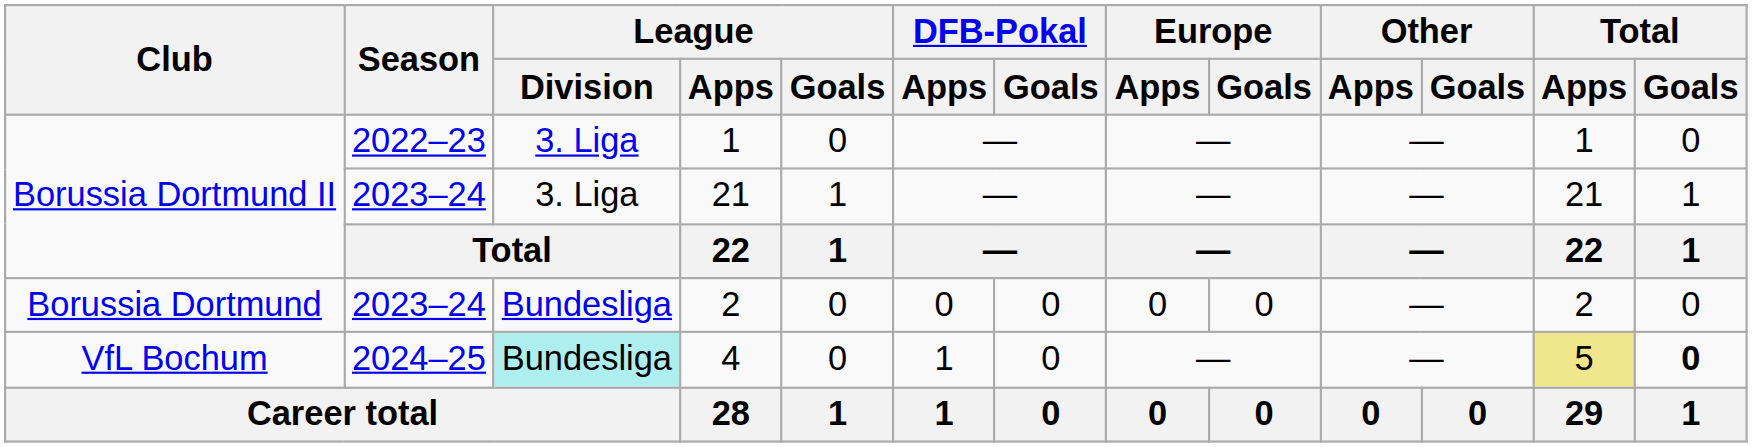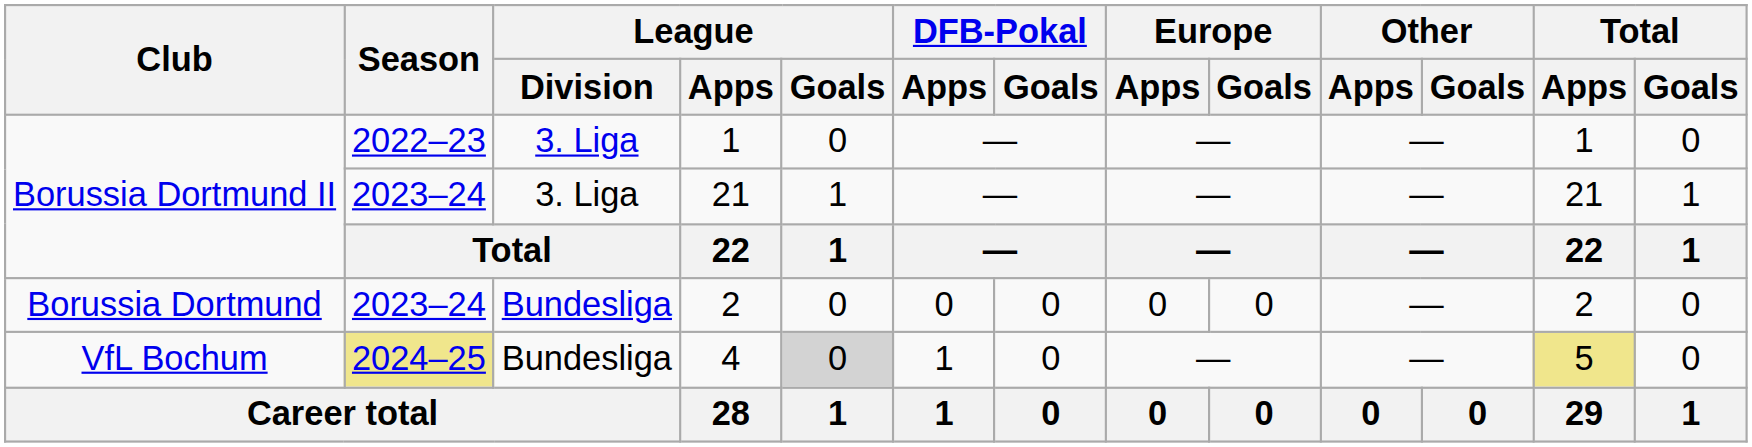 <table class="wikitable" style="text-align:center">
 <tr>
 <th rowspan="2">Club</th>
 <th rowspan="2">Season</th>
 <th colspan="3">League</th>
 <th colspan="2"><a href='#'>DFB-Pokal</a></th>
 <th colspan="2">Europe</th>
 <th colspan="2">Other</th>
 <th colspan="2">Total</th>
 </tr>
 <tr>
 <th>Division</th>
 <th>Apps</th>
 <th>Goals</th>
 <th>Apps</th>
 <th>Goals</th>
 <th>Apps</th>
 <th>Goals</th>
 <th>Apps</th>
 <th>Goals</th>
 <th>Apps</th>
 <th>Goals</th>
 </tr>
 <tr>
 <td rowspan="3"><a href='#'>Borussia Dortmund II</a></td>
 <td><a href='#'>2022–23</a></td>
 <td><a href='#'>3. Liga</a></td>
 <td>1</td>
 <td>0</td>
 <td colspan="2">—</td>
 <td colspan="2">—</td>
 <td colspan="2">—</td>
 <td>1</td>
 <td>0</td>
 </tr>
 <tr>
 <td><a href='#'>2023–24</a></td>
 <td>3. Liga</td>
 <td>21</td>
 <td>1</td>
 <td colspan="2">—</td>
 <td colspan="2">—</td>
 <td colspan="2">—</td>
 <td>21</td>
 <td>1</td>
 </tr>
 <tr>
 <th colspan="2">Total</th>
 <th>22</th>
 <th>1</th>
 <th colspan="2">—</th>
 <th colspan="2">—</th>
 <th colspan="2">—</th>
 <th>22</th>
 <th>1</th>
 </tr>
 <tr>
 <td><a href='#'>Borussia Dortmund</a></td>
 <td><a href='#'>2023–24</a></td>
 <td><a href='#'>Bundesliga</a></td>
 <td>2</td>
 <td>0</td>
 <td>0</td>
 <td>0</td>
 <td>0</td>
 <td>0</td>
 <td colspan="2">—</td>
 <td>2</td>
 <td>0</td>
 </tr>
 <tr>
 <td><a href='#'>VfL Bochum</a></td>
-<td><a href='#'>2024–25</a></td>
-<td style="background: paleturquoise;">Bundesliga</td>
+<td style="background: khaki;"><a href='#'>2024–25</a></td>
+<td>Bundesliga</td>
 <td>4</td>
-<td>0</td>
+<td style="background: lightgrey;">0</td>
 <td>1</td>
 <td>0</td>
 <td colspan="2">—</td>
 <td colspan="2">—</td>
 <td style="background: khaki;">5</td>
-<td><strong>0</strong></td>
+<td>0</td>
 </tr>
 <tr>
 <th colspan="3">Career total</th>
 <th>28</th>
 <th>1</th>
 <th>1</th>
 <th>0</th>
 <th>0</th>
 <th>0</th>
 <th>0</th>
 <th>0</th>
 <th>29</th>
 <th>1</th>
 </tr>
 </table>
